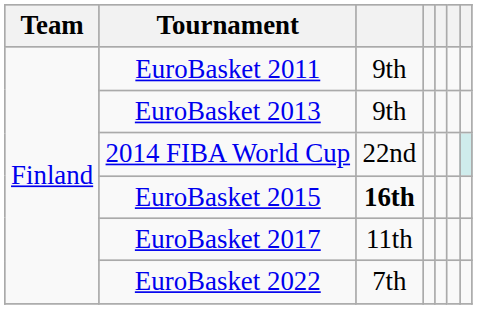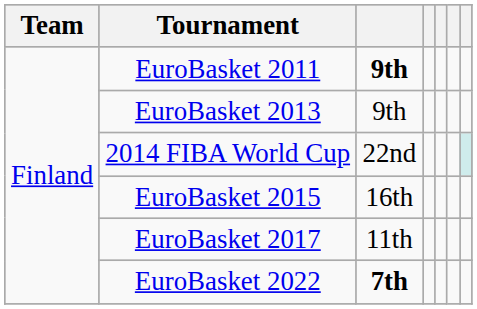 <table class="wikitable" style=" text-align:center;">
 <tr>
 <th>Team</th>
 <th>Tournament</th>
 <th></th>
 <th></th>
 <th></th>
 <th></th>
 <th></th>
 </tr>
 <tr>
 <td rowspan=6><a href='#'>Finland</a></td>
 <td><a href='#'>EuroBasket 2011</a></td>
-<td>9th</td>
+<td><strong>9th</strong></td>
 <td></td>
 <td></td>
 <td></td>
 <td></td>
 </tr>
 <tr>
 <td><a href='#'>EuroBasket 2013</a></td>
 <td>9th</td>
 <td></td>
 <td></td>
 <td></td>
 <td></td>
 </tr>
 <tr>
 <td><a href='#'>2014 FIBA World Cup</a></td>
 <td>22nd</td>
 <td></td>
 <td></td>
 <td></td>
 <td style="background:#CFECEC;"></td>
 </tr>
 <tr>
 <td><a href='#'>EuroBasket 2015</a></td>
-<td><strong>16th</strong></td>
+<td>16th</td>
 <td></td>
 <td></td>
 <td></td>
 <td></td>
 </tr>
 <tr>
 <td><a href='#'>EuroBasket 2017</a></td>
 <td>11th</td>
 <td></td>
 <td></td>
 <td></td>
 <td></td>
 </tr>
 <tr>
 <td><a href='#'>EuroBasket 2022</a></td>
-<td>7th</td>
+<td><strong>7th</strong></td>
 <td></td>
 <td></td>
 <td></td>
 <td></td>
 </tr>
 </table>
